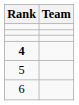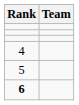 <table class="wikitable">
 <tr>
 <th>Rank</th>
 <th>Team</th>
 </tr>
 <tr>
 <td align=center></td>
 <td></td>
 </tr>
 <tr>
 <td align=center></td>
 <td></td>
 </tr>
 <tr>
 <td align=center></td>
 <td></td>
 </tr>
 <tr>
-<td align=center><strong>4</strong></td>
+<td align=center>4</td>
 <td></td>
 </tr>
 <tr>
 <td align=center>5</td>
 <td></td>
 </tr>
 <tr>
-<td align=center>6</td>
+<td align=center><strong>6</strong></td>
 <td></td>
 </tr>
 </table>
